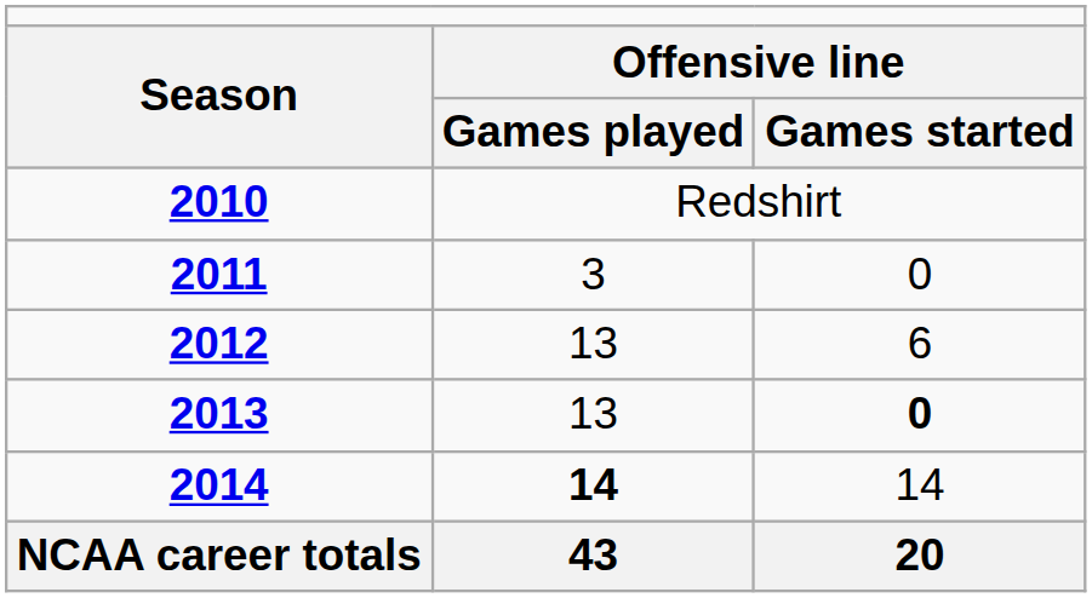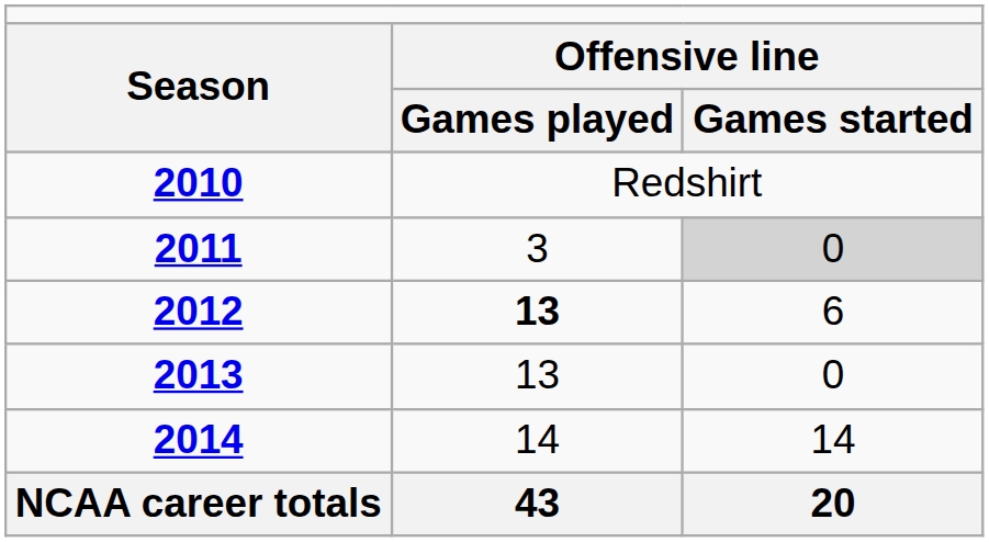 <table class=wikitable style="text-align:center;">
 <tr>
 <td ! colspan="10"></td>
 </tr>
 <tr>
 <th rowspan=2>Season</th>
 <th colspan=2>Offensive line</th>
 </tr>
 <tr>
 <th>Games played</th>
 <th>Games started</th>
 </tr>
 <tr>
 <td><strong><a href='#'>2010</a></strong></td>
 <td colspan=14 style="text-align:center;">Redshirt</td>
 </tr>
 <tr>
 <td><strong><a href='#'>2011</a></strong></td>
 <td>3</td>
-<td>0</td>
+<td style="background: lightgrey;">0</td>
 </tr>
 <tr>
 <td><strong><a href='#'>2012</a></strong></td>
-<td>13</td>
+<td><strong>13</strong></td>
 <td>6</td>
 </tr>
 <tr>
 <td><strong><a href='#'>2013</a></strong></td>
 <td>13</td>
-<td><strong>0</strong></td>
+<td>0</td>
 </tr>
 <tr>
 <td><strong><a href='#'>2014</a></strong></td>
-<td><strong>14</strong></td>
+<td>14</td>
 <td>14</td>
 </tr>
 <tr>
 <th>NCAA career totals</th>
 <th>43</th>
 <th>20</th>
 </tr>
 </table>
